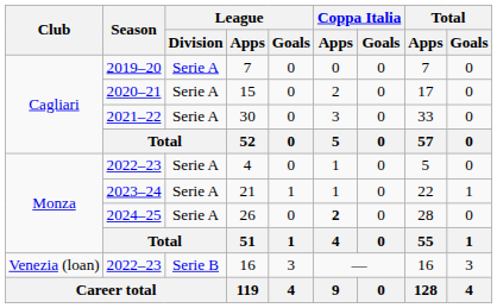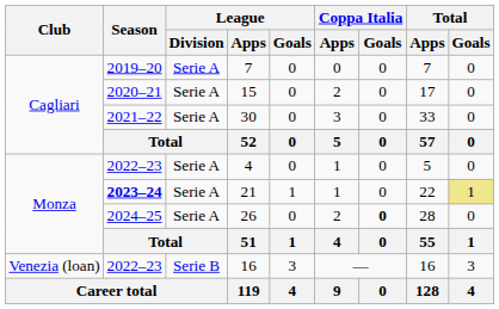 <table class="wikitable" style="text-align: center">
 <tr>
 <th rowspan="2">Club</th>
 <th rowspan="2">Season</th>
 <th colspan="3">League</th>
 <th colspan="2"><a href='#'>Coppa Italia</a></th>
 <th colspan="2">Total</th>
 </tr>
 <tr>
 <th>Division</th>
 <th>Apps</th>
 <th>Goals</th>
 <th>Apps</th>
 <th>Goals</th>
 <th>Apps</th>
 <th>Goals</th>
 </tr>
 <tr>
 <td rowspan="4"><a href='#'>Cagliari</a></td>
 <td><a href='#'>2019–20</a></td>
 <td><a href='#'>Serie A</a></td>
 <td>7</td>
 <td>0</td>
 <td>0</td>
 <td>0</td>
 <td>7</td>
 <td>0</td>
 </tr>
 <tr>
 <td><a href='#'>2020–21</a></td>
 <td>Serie A</td>
 <td>15</td>
 <td>0</td>
 <td>2</td>
 <td>0</td>
 <td>17</td>
 <td>0</td>
 </tr>
 <tr>
 <td><a href='#'>2021–22</a></td>
 <td>Serie A</td>
 <td>30</td>
 <td>0</td>
 <td>3</td>
 <td>0</td>
 <td>33</td>
 <td>0</td>
 </tr>
 <tr>
 <th colspan="2">Total</th>
 <th>52</th>
 <th>0</th>
 <th>5</th>
 <th>0</th>
 <th>57</th>
 <th>0</th>
 </tr>
 <tr>
 <td rowspan="4"><a href='#'>Monza</a></td>
 <td><a href='#'>2022–23</a></td>
 <td>Serie A</td>
 <td>4</td>
 <td>0</td>
 <td>1</td>
 <td>0</td>
 <td>5</td>
 <td>0</td>
 </tr>
 <tr>
-<td><a href='#'>2023–24</a></td>
+<td><strong><a href='#'>2023–24</a></strong></td>
 <td>Serie A</td>
 <td>21</td>
 <td>1</td>
 <td>1</td>
 <td>0</td>
 <td>22</td>
-<td>1</td>
+<td style="background: khaki;">1</td>
 </tr>
 <tr>
 <td><a href='#'>2024–25</a></td>
 <td>Serie A</td>
 <td>26</td>
 <td>0</td>
-<td><strong>2</strong></td>
-<td>0</td>
+<td>2</td>
+<td><strong>0</strong></td>
 <td>28</td>
 <td>0</td>
 </tr>
 <tr>
 <th colspan="2">Total</th>
 <th>51</th>
 <th>1</th>
 <th>4</th>
 <th>0</th>
 <th>55</th>
 <th>1</th>
 </tr>
 <tr>
 <td><a href='#'>Venezia</a> (loan)</td>
 <td><a href='#'>2022–23</a></td>
 <td><a href='#'>Serie B</a></td>
 <td>16</td>
 <td>3</td>
 <td colspan="2">—</td>
 <td>16</td>
 <td>3</td>
 </tr>
 <tr>
 <th colspan="3">Career total</th>
 <th>119</th>
 <th>4</th>
 <th>9</th>
 <th>0</th>
 <th>128</th>
 <th>4</th>
 </tr>
 </table>
